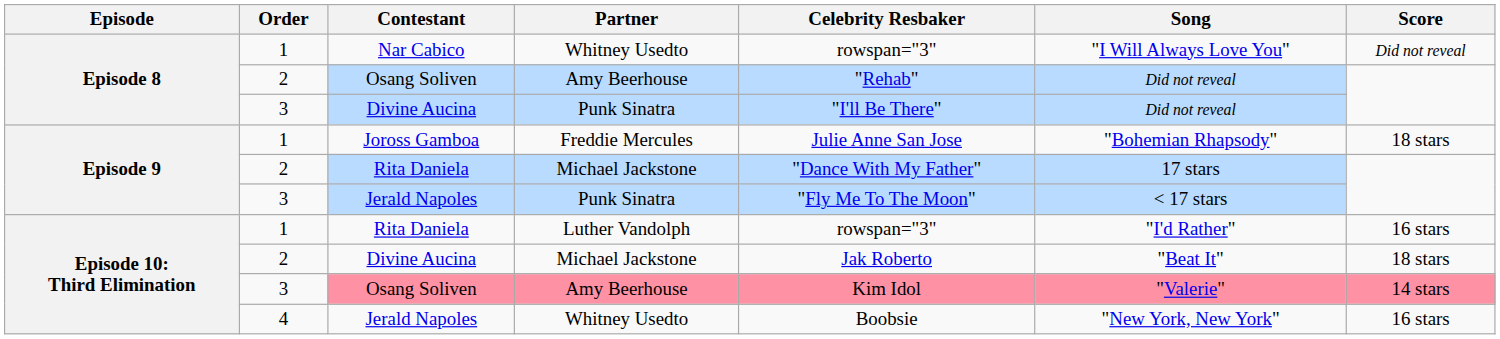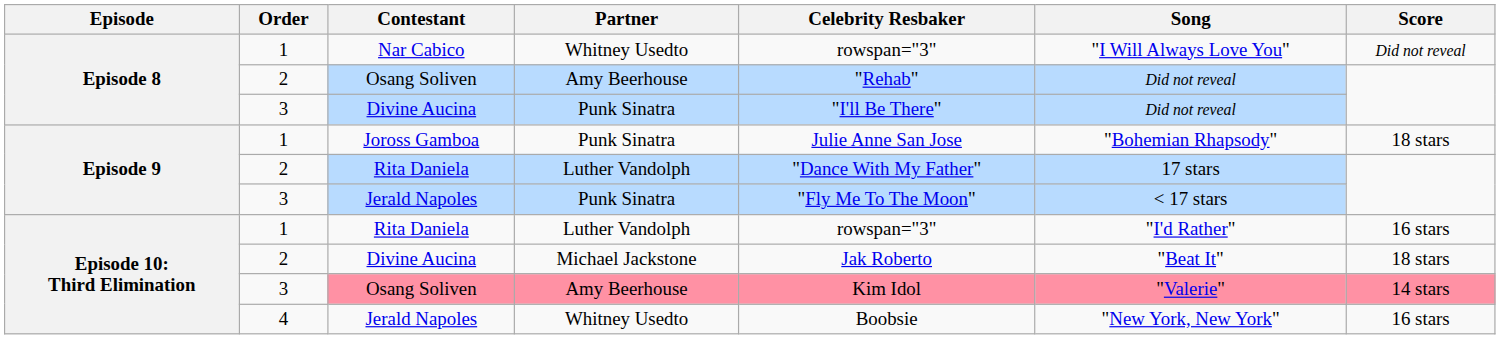 <table class="wikitable" style="text-align:center; width:100%;">
 <tr>
 <th>Episode</th>
 <th>Order</th>
 <th>Contestant</th>
 <th>Partner</th>
 <th>Celebrity Resbaker</th>
 <th>Song</th>
 <th>Score</th>
 </tr>
 <tr>
 <th rowspan=3>Episode 8<br></th>
 <td>1</td>
 <td><a href='#'>Nar Cabico</a></td>
 <td>Whitney Usedto</td>
 <td>rowspan="3" </td>
 <td>"<a href='#'>I Will Always Love You</a>"</td>
 <td><em><small>Did not reveal</small></em></td>
 </tr>
 <tr>
 <td>2</td>
 <td style="background:#b8dbff;">Osang Soliven</td>
 <td style="background:#b8dbff;">Amy Beerhouse</td>
 <td style="background:#b8dbff;">"<a href='#'>Rehab</a>"</td>
 <td style="background:#b8dbff;"><em><small>Did not reveal</small></em></td>
 </tr>
 <tr>
 <td>3</td>
 <td style="background:#b8dbff;"><a href='#'>Divine Aucina</a></td>
 <td style="background:#b8dbff;">Punk Sinatra</td>
 <td style="background:#b8dbff;">"<a href='#'>I'll Be There</a>"</td>
 <td style="background:#b8dbff;"><em><small>Did not reveal</small></em></td>
 </tr>
 <tr>
 <th rowspan=3>Episode 9<br></th>
 <td>1</td>
 <td><a href='#'>Joross Gamboa</a></td>
-<td>Freddie Mercules</td>
+<td>Punk Sinatra</td>
 <td><a href='#'>Julie Anne San Jose</a></td>
 <td>"<a href='#'>Bohemian Rhapsody</a>"</td>
 <td>18 stars</td>
 </tr>
 <tr>
 <td>2</td>
 <td style="background:#b8dbff;"><a href='#'>Rita Daniela</a></td>
-<td style="background:#b8dbff;">Michael Jackstone</td>
+<td style="background:#b8dbff;">Luther Vandolph</td>
 <td style="background:#b8dbff;">"<a href='#'>Dance With My Father</a>"</td>
 <td style="background:#b8dbff;">17 stars</td>
 </tr>
 <tr>
 <td>3</td>
 <td style="background:#b8dbff;"><a href='#'>Jerald Napoles</a></td>
 <td style="background:#b8dbff;">Punk Sinatra</td>
 <td style="background:#b8dbff;">"<a href='#'>Fly Me To The Moon</a>"</td>
 <td style="background:#b8dbff;">< 17 stars</td>
 </tr>
 <tr>
 <th rowspan=4>Episode 10:<br>Third Elimination<br></th>
 <td>1</td>
 <td><a href='#'>Rita Daniela</a></td>
 <td>Luther Vandolph</td>
 <td>rowspan="3"  </td>
 <td>"<a href='#'>I'd Rather</a>"</td>
 <td>16 stars</td>
 </tr>
 <tr>
 <td>2</td>
 <td><a href='#'>Divine Aucina</a></td>
 <td>Michael Jackstone</td>
 <td><a href='#'>Jak Roberto</a></td>
 <td>"<a href='#'>Beat It</a>"</td>
 <td>18 stars</td>
 </tr>
 <tr>
 <td>3</td>
 <td style="background:#FF91A4;">Osang Soliven</td>
 <td style="background:#FF91A4;">Amy Beerhouse</td>
 <td style="background:#FF91A4;">Kim Idol</td>
 <td style="background:#FF91A4;">"<a href='#'>Valerie</a>"</td>
 <td style="background:#FF91A4;">14 stars</td>
 </tr>
 <tr>
 <td>4</td>
 <td><a href='#'>Jerald Napoles</a></td>
 <td>Whitney Usedto</td>
 <td>Boobsie</td>
 <td>"<a href='#'>New York, New York</a>"</td>
 <td>16 stars</td>
 </tr>
 </table>
